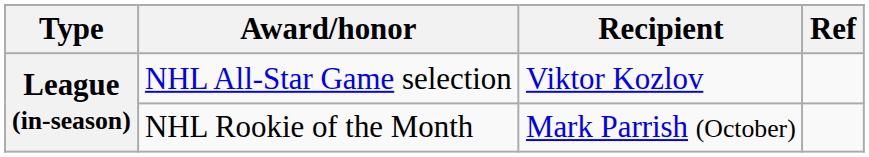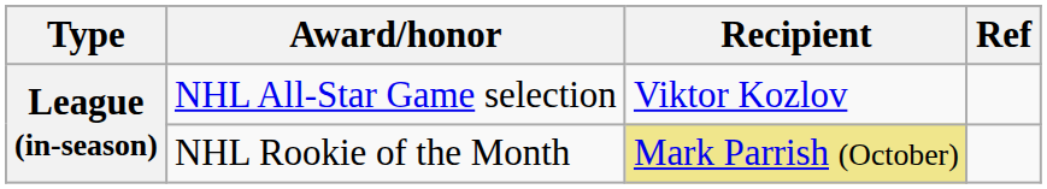 <table class="wikitable">
 <tr>
 <th scope="col">Type</th>
 <th scope="col">Award/honor</th>
 <th scope="col">Recipient</th>
 <th scope="col">Ref</th>
 </tr>
 <tr>
 <th scope="row" rowspan="2">League<br><small>(in-season)</small></th>
 <td><a href='#'>NHL All-Star Game</a> selection</td>
 <td><a href='#'>Viktor Kozlov</a></td>
 <td></td>
 </tr>
 <tr>
 <td>NHL Rookie of the Month</td>
-<td><a href='#'>Mark Parrish</a> <small>(October)</small></td>
+<td style="background: khaki;"><a href='#'>Mark Parrish</a> <small>(October)</small></td>
 <td></td>
 </tr>
 </table>
